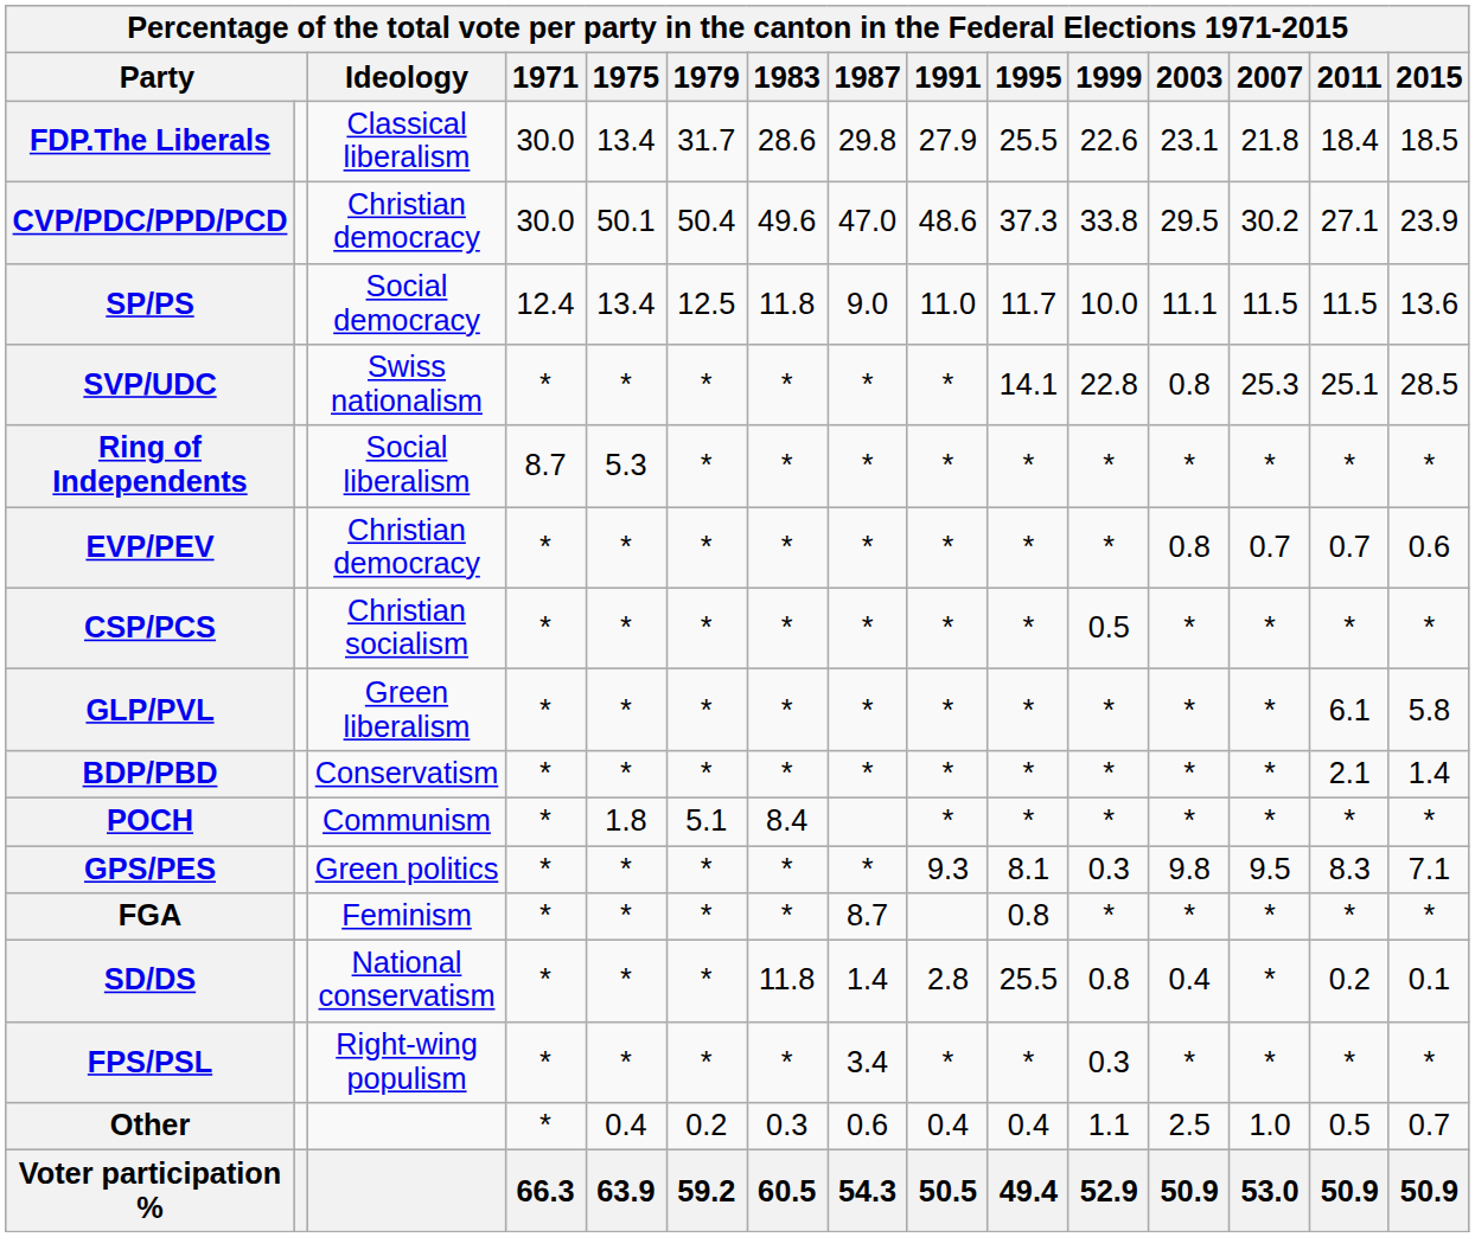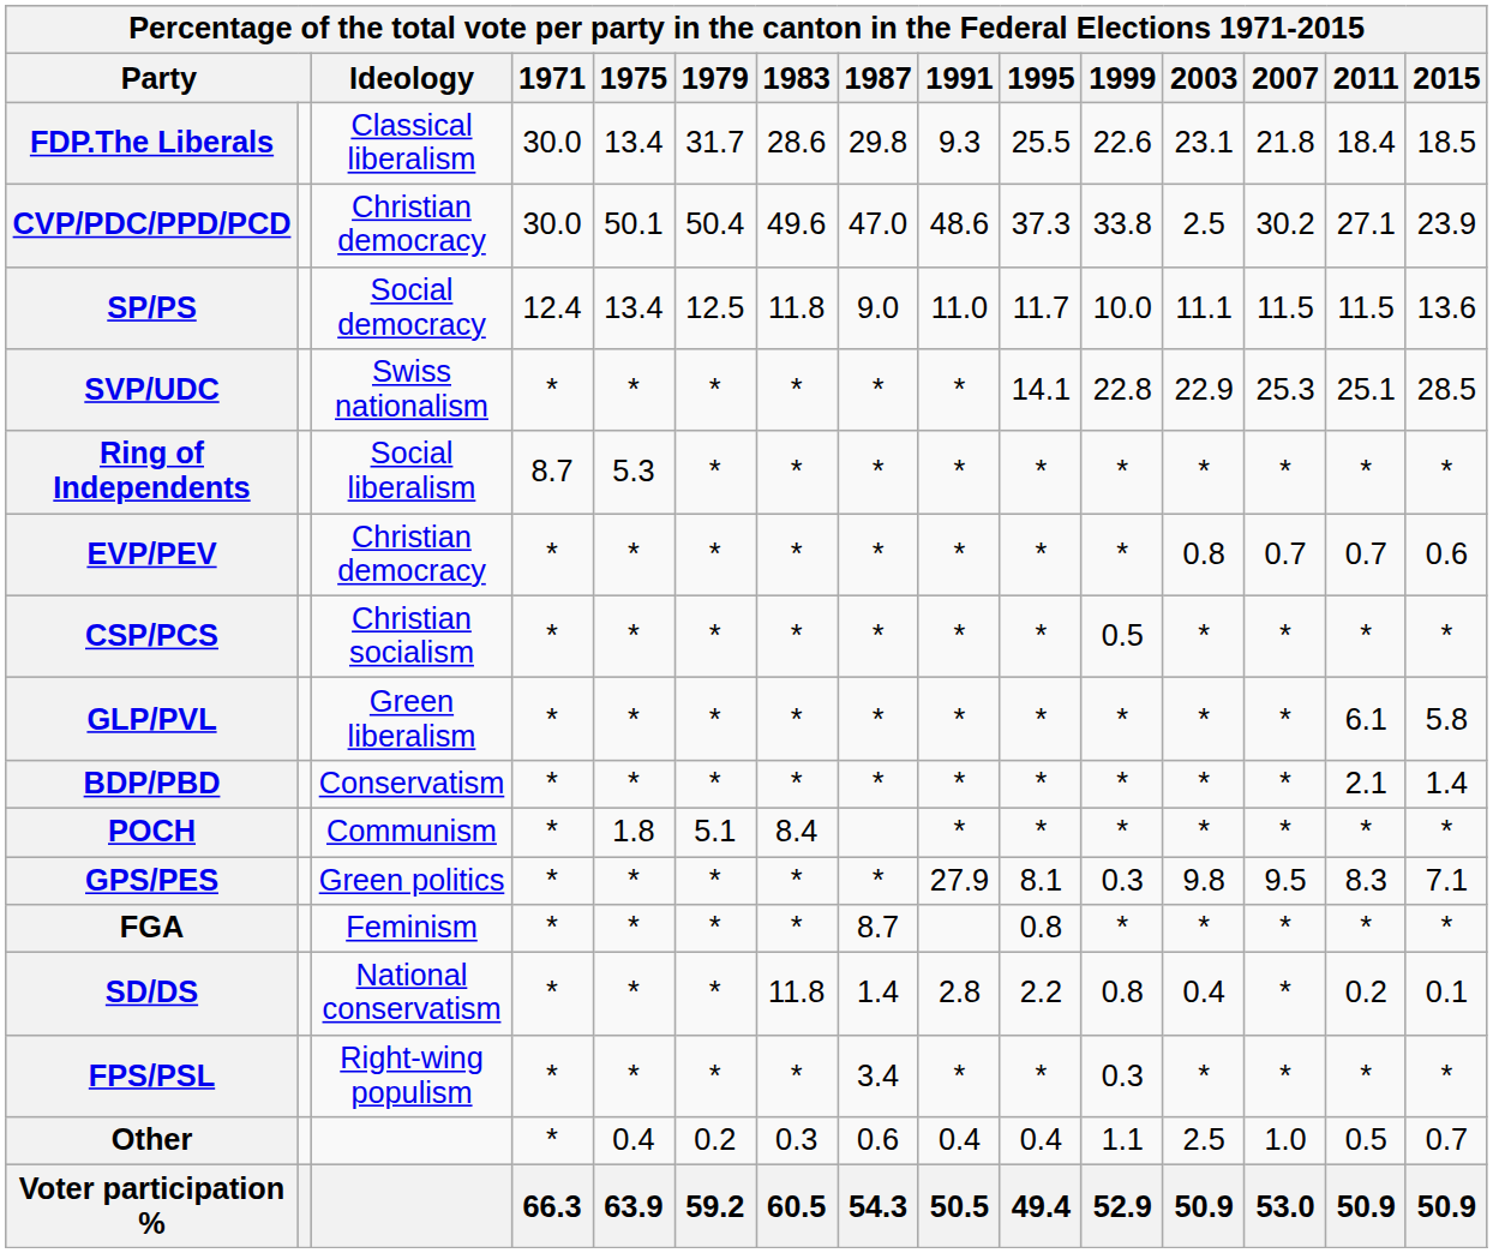 <table class="wikitable sortable" style ="text-align: center">
 <tr>
 <th colspan="15">Percentage of the total vote per party in the canton in the Federal Elections 1971-2015</th>
 </tr>
 <tr>
 <th colspan="2">Party</th>
 <th class="unsortable">Ideology</th>
 <th>1971</th>
 <th>1975</th>
 <th>1979</th>
 <th>1983</th>
 <th>1987</th>
 <th>1991</th>
 <th>1995</th>
 <th>1999</th>
 <th>2003</th>
 <th>2007</th>
 <th>2011</th>
 <th>2015</th>
 </tr>
 <tr>
 <th><a href='#'>FDP.The Liberals</a></th>
 <td style="color:inherit;background:"></td>
 <td><a href='#'>Classical liberalism</a></td>
 <td>30.0</td>
 <td>13.4</td>
 <td>31.7</td>
 <td>28.6</td>
 <td>29.8</td>
-<td>27.9</td>
+<td>9.3</td>
 <td>25.5</td>
 <td>22.6</td>
 <td>23.1</td>
 <td>21.8</td>
 <td>18.4</td>
 <td>18.5</td>
 </tr>
 <tr>
 <th><a href='#'>CVP/PDC/PPD/PCD</a></th>
 <td style="color:inherit;background:"></td>
 <td><a href='#'>Christian democracy</a></td>
 <td>30.0</td>
 <td>50.1</td>
 <td>50.4</td>
 <td>49.6</td>
 <td>47.0</td>
 <td>48.6</td>
 <td>37.3</td>
 <td>33.8</td>
-<td>29.5</td>
+<td>2.5</td>
 <td>30.2</td>
 <td>27.1</td>
 <td>23.9</td>
 </tr>
 <tr>
 <th><a href='#'>SP/PS</a></th>
 <td style="color:inherit;background:"></td>
 <td><a href='#'>Social democracy</a></td>
 <td>12.4</td>
 <td>13.4</td>
 <td>12.5</td>
 <td>11.8</td>
 <td>9.0</td>
 <td>11.0</td>
 <td>11.7</td>
 <td>10.0</td>
 <td>11.1</td>
 <td>11.5</td>
 <td>11.5</td>
 <td>13.6</td>
 </tr>
 <tr>
 <th><a href='#'>SVP/UDC</a></th>
 <td style="color:inherit;background:"></td>
 <td><a href='#'>Swiss nationalism</a></td>
 <td>* </td>
 <td>*</td>
 <td>*</td>
 <td>*</td>
 <td>*</td>
 <td>*</td>
 <td>14.1</td>
 <td>22.8</td>
-<td>0.8</td>
+<td>22.9</td>
 <td>25.3</td>
 <td>25.1</td>
 <td>28.5</td>
 </tr>
 <tr>
 <th><a href='#'>Ring of Independents</a></th>
 <td></td>
 <td><a href='#'>Social liberalism</a></td>
 <td>8.7</td>
 <td>5.3</td>
 <td>*</td>
 <td>*</td>
 <td>*</td>
 <td>*</td>
 <td>*</td>
 <td>*</td>
 <td>*</td>
 <td>*</td>
 <td>*</td>
 <td>*</td>
 </tr>
 <tr>
 <th><a href='#'>EVP/PEV</a></th>
 <td style="color:inherit;background:"></td>
 <td><a href='#'>Christian democracy</a></td>
 <td>*</td>
 <td>*</td>
 <td>*</td>
 <td>*</td>
 <td>*</td>
 <td>*</td>
 <td>*</td>
 <td>*</td>
 <td>0.8</td>
 <td>0.7</td>
 <td>0.7</td>
 <td>0.6</td>
 </tr>
 <tr>
 <th><a href='#'>CSP/PCS</a></th>
 <td style="color:inherit;background:"></td>
 <td><a href='#'>Christian socialism</a></td>
 <td>*</td>
 <td>*</td>
 <td>*</td>
 <td>*</td>
 <td>*</td>
 <td>*</td>
 <td>*</td>
 <td>0.5</td>
 <td>*</td>
 <td>*</td>
 <td>*</td>
 <td>*</td>
 </tr>
 <tr>
 <th><a href='#'>GLP/PVL</a></th>
 <td style="color:inherit;background:"></td>
 <td><a href='#'>Green liberalism</a></td>
 <td>*</td>
 <td>*</td>
 <td>*</td>
 <td>*</td>
 <td>*</td>
 <td>*</td>
 <td>*</td>
 <td>*</td>
 <td>*</td>
 <td>*</td>
 <td>6.1</td>
 <td>5.8</td>
 </tr>
 <tr>
 <th><a href='#'>BDP/PBD</a></th>
 <td style="color:inherit;background:"></td>
 <td><a href='#'>Conservatism</a></td>
 <td>*</td>
 <td>*</td>
 <td>*</td>
 <td>*</td>
 <td>*</td>
 <td>*</td>
 <td>*</td>
 <td>*</td>
 <td>*</td>
 <td>*</td>
 <td>2.1</td>
 <td>1.4</td>
 </tr>
 <tr>
 <th><a href='#'>POCH</a></th>
 <td></td>
 <td><a href='#'>Communism</a></td>
 <td>*</td>
 <td>1.8</td>
 <td>5.1</td>
 <td>8.4</td>
 <td></td>
 <td>*</td>
 <td>*</td>
 <td>*</td>
 <td>*</td>
 <td>*</td>
 <td>*</td>
 <td>*</td>
 </tr>
 <tr>
 <th><a href='#'>GPS/PES</a></th>
 <td style="color:inherit;background:"></td>
 <td><a href='#'>Green politics</a></td>
 <td>*</td>
 <td>*</td>
 <td>*</td>
 <td>*</td>
 <td>*</td>
-<td>9.3</td>
+<td>27.9</td>
 <td>8.1</td>
 <td>0.3</td>
 <td>9.8</td>
 <td>9.5</td>
 <td>8.3</td>
 <td>7.1</td>
 </tr>
 <tr>
 <th>FGA</th>
 <td></td>
 <td><a href='#'>Feminism</a></td>
 <td>*</td>
 <td>*</td>
 <td>*</td>
 <td>*</td>
 <td>8.7</td>
 <td></td>
 <td>0.8</td>
 <td>*</td>
 <td>*</td>
 <td>*</td>
 <td>*</td>
 <td>*</td>
 </tr>
 <tr>
 <th><a href='#'>SD/DS</a></th>
 <td style="color:inherit;background:"></td>
 <td><a href='#'>National conservatism</a></td>
 <td>*</td>
 <td>*</td>
 <td>*</td>
 <td>11.8</td>
 <td>1.4</td>
 <td>2.8</td>
-<td>25.5</td>
+<td>2.2</td>
 <td>0.8</td>
 <td>0.4</td>
 <td>*</td>
 <td>0.2</td>
 <td>0.1</td>
 </tr>
 <tr>
 <th><a href='#'>FPS/PSL</a></th>
 <td style="color:inherit;background:"></td>
 <td><a href='#'>Right-wing populism</a></td>
 <td>*</td>
 <td>*</td>
 <td>*</td>
 <td>*</td>
 <td>3.4</td>
 <td>*</td>
 <td>*</td>
 <td>0.3</td>
 <td>*</td>
 <td>*</td>
 <td>*</td>
 <td>*</td>
 </tr>
 <tr>
 <th>Other</th>
 <td></td>
 <td></td>
 <td>*</td>
 <td>0.4</td>
 <td>0.2</td>
 <td>0.3</td>
 <td>0.6</td>
 <td>0.4</td>
 <td>0.4</td>
 <td>1.1</td>
 <td>2.5</td>
 <td>1.0</td>
 <td>0.5</td>
 <td>0.7</td>
 </tr>
 <tr>
 <th>Voter participation %</th>
 <th></th>
 <th></th>
 <th>66.3</th>
 <th>63.9</th>
 <th>59.2</th>
 <th>60.5</th>
 <th>54.3</th>
 <th>50.5</th>
 <th>49.4</th>
 <th>52.9</th>
 <th>50.9</th>
 <th>53.0</th>
 <th>50.9</th>
 <th>50.9</th>
 </tr>
 <tr>
 </tr>
 </table>
